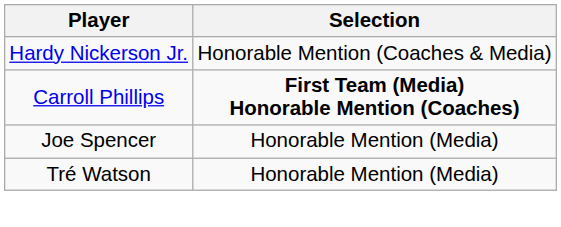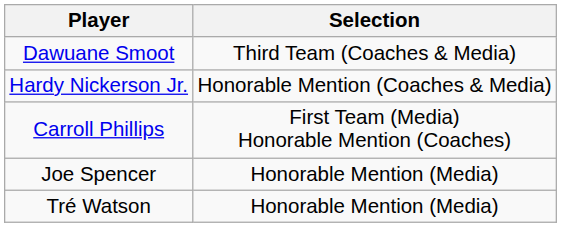 <table class="wikitable sortable sortable" style="text-align: center">
 <tr align=center>
 <th>Player</th>
 <th>Selection</th>
+</tr>
+<tr>
+<td><a href='#'>Dawuane Smoot</a></td>
+<td>Third Team (Coaches & Media)</td>
 </tr>
 <tr>
 <td><a href='#'>Hardy Nickerson Jr.</a></td>
 <td>Honorable Mention (Coaches & Media)</td>
 </tr>
 <tr>
 <td><a href='#'>Carroll Phillips</a></td>
-<td><strong>First Team (Media)<br>Honorable Mention (Coaches)</strong></td>
+<td>First Team (Media)<br>Honorable Mention (Coaches)</td>
 </tr>
 <tr>
 <td>Joe Spencer</td>
 <td>Honorable Mention (Media)</td>
 </tr>
 <tr>
 <td>Tré Watson</td>
 <td>Honorable Mention (Media)</td>
 </tr>
 </table>
